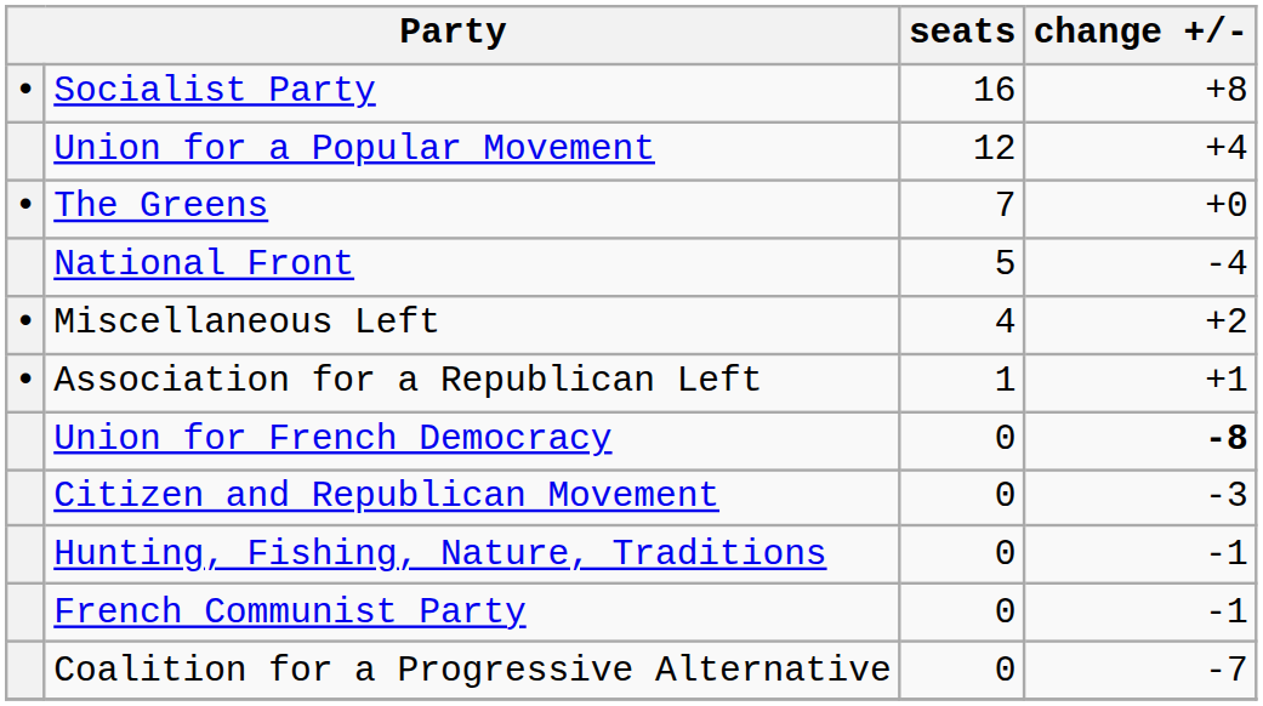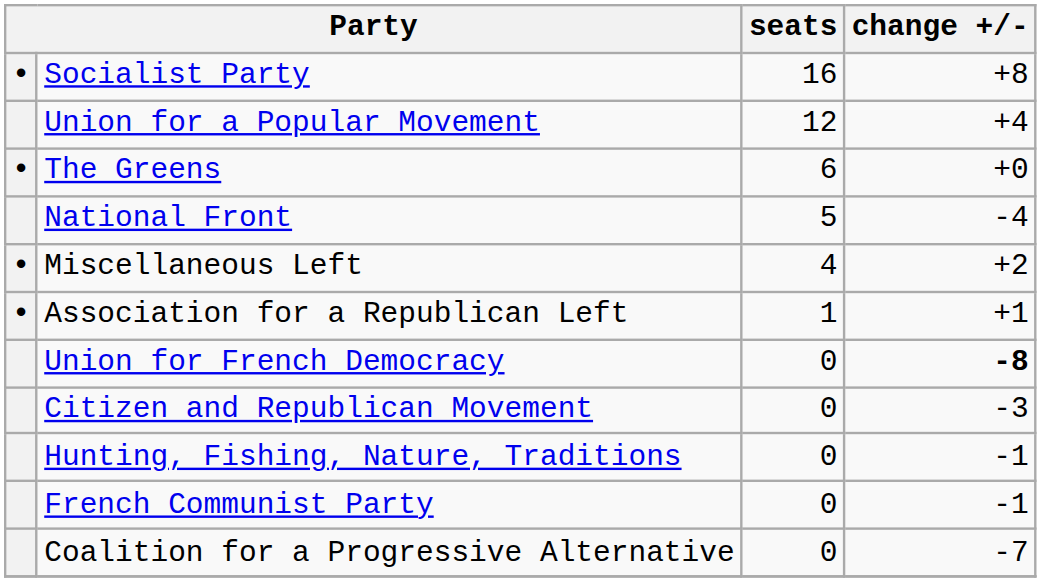 <table class="wikitable" style="font-size: 95%;">
 <tr>
 <th colspan=2>Party</th>
 <th>seats</th>
 <th>change +/-</th>
 </tr>
 <tr>
 <th style="background-color: "><span>•</span></th>
 <td><a href='#'>Socialist Party</a></td>
 <td align="right">16</td>
 <td align="right">+8</td>
 </tr>
 <tr>
 <th style="background-color: "></th>
 <td><a href='#'>Union for a Popular Movement</a></td>
 <td align="right">12</td>
 <td align="right">+4</td>
 </tr>
 <tr>
 <th style="background-color: "><span>•</span></th>
 <td><a href='#'>The Greens</a></td>
-<td align="right">7</td>
+<td align="right">6</td>
 <td align="right">+0</td>
 </tr>
 <tr>
 <th style="background-color: "></th>
 <td><a href='#'>National Front</a></td>
 <td align="right">5</td>
 <td align="right">-4</td>
 </tr>
 <tr>
 <th style="background-color: "><span>•</span></th>
 <td>Miscellaneous Left</td>
 <td align="right">4</td>
 <td align="right">+2</td>
 </tr>
 <tr>
 <th style="background-color: "><span>•</span></th>
 <td>Association for a Republican Left</td>
 <td align="right">1</td>
 <td align="right">+1</td>
 </tr>
 <tr>
 <th style="background-color: "></th>
 <td><a href='#'>Union for French Democracy</a></td>
 <td align="right">0</td>
 <td align="right"><strong>-8</strong></td>
 </tr>
 <tr>
 <th style="background-color: "></th>
 <td><a href='#'>Citizen and Republican Movement</a></td>
 <td align="right">0</td>
 <td align="right">-3</td>
 </tr>
 <tr>
 <th style="background-color: "></th>
 <td><a href='#'>Hunting, Fishing, Nature, Traditions</a></td>
 <td align="right">0</td>
 <td align="right">-1</td>
 </tr>
 <tr>
 <th style="background-color: "></th>
 <td><a href='#'>French Communist Party</a></td>
 <td align="right">0</td>
 <td align="right">-1</td>
 </tr>
 <tr>
 <th style="background-color: "></th>
 <td>Coalition for a Progressive Alternative</td>
 <td align="right">0</td>
 <td align="right">-7</td>
 </tr>
 <tr>
 </tr>
 </table>
